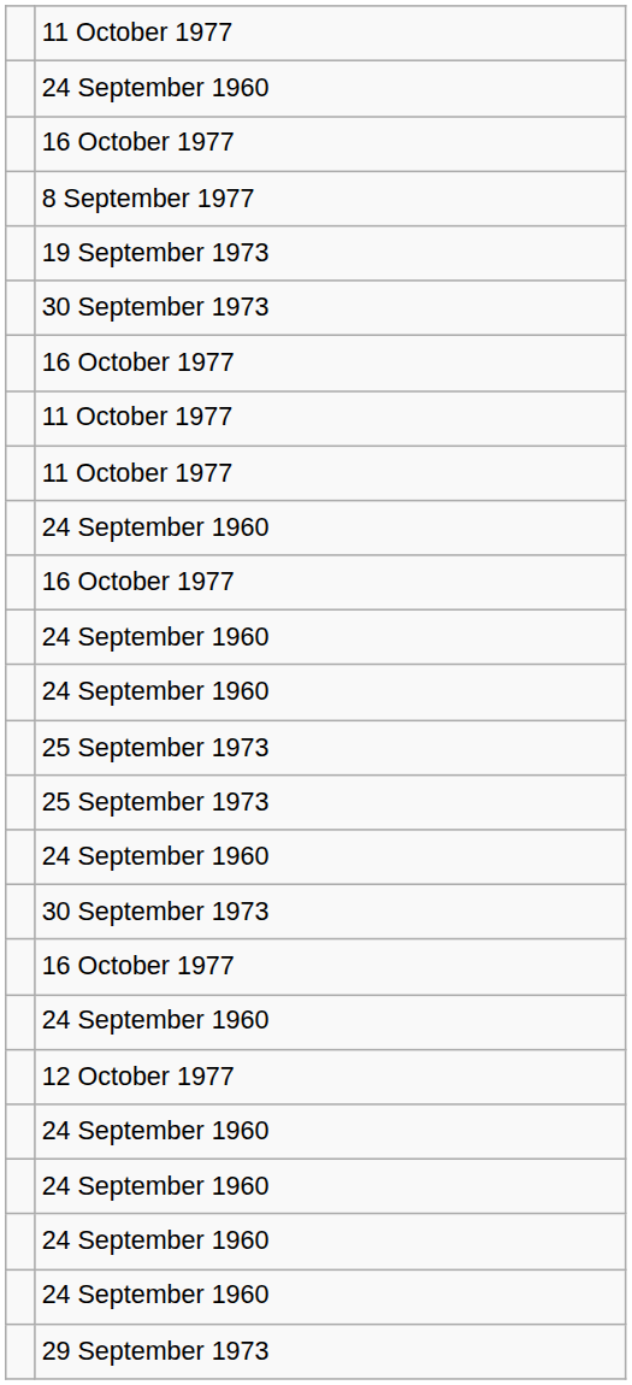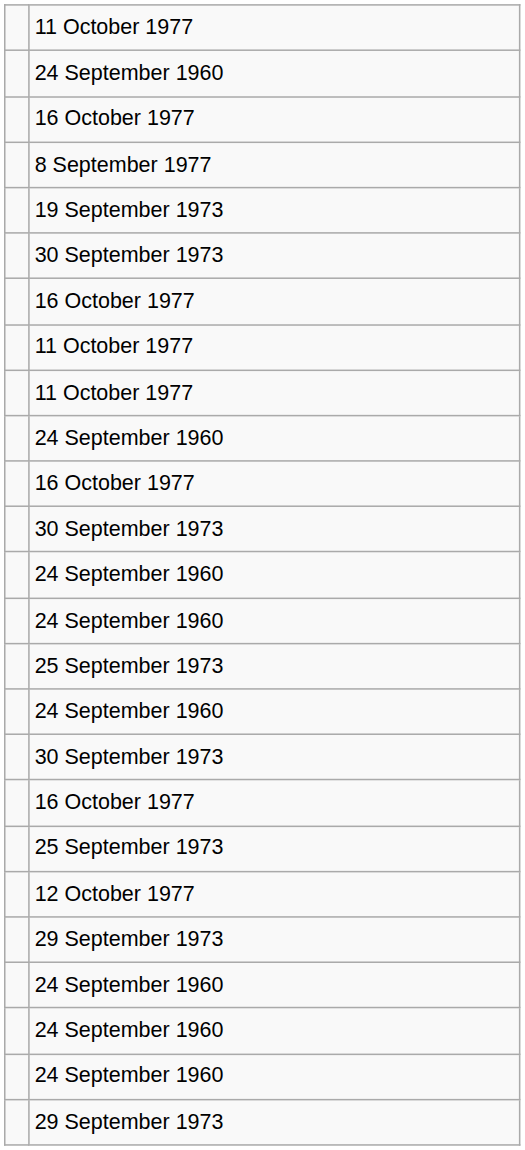 <table class="wikitable" style="font-size: 89%; float: left; width: 24em; margin-right: 1em; line-height: 1.65em">
 <tr>
 <td></td>
 <td>11 October 1977</td>
 </tr>
 <tr>
 <td></td>
 <td>24 September 1960</td>
 </tr>
 <tr>
 <td></td>
 <td>16 October 1977</td>
 </tr>
 <tr>
 <td></td>
 <td>8 September 1977</td>
 </tr>
 <tr>
 <td></td>
 <td>19 September 1973</td>
 </tr>
 <tr>
 <td></td>
 <td>30 September 1973</td>
 </tr>
 <tr>
 <td></td>
 <td>16 October 1977</td>
 </tr>
 <tr>
 <td></td>
 <td>11 October 1977</td>
 </tr>
 <tr>
 <td></td>
 <td>11 October 1977</td>
 </tr>
 <tr>
 <td></td>
 <td>24 September 1960</td>
 </tr>
 <tr>
 <td></td>
 <td>16 October 1977</td>
 </tr>
 <tr>
 <td></td>
-<td>24 September 1960</td>
+<td>30 September 1973</td>
 </tr>
 <tr>
 <td></td>
 <td>24 September 1960</td>
 </tr>
 <tr>
 <td></td>
-<td>25 September 1973</td>
+<td>24 September 1960</td>
 </tr>
 <tr>
 <td></td>
 <td>25 September 1973</td>
 </tr>
 <tr>
 <td></td>
 <td>24 September 1960</td>
 </tr>
 <tr>
 <td></td>
 <td>30 September 1973</td>
 </tr>
 <tr>
 <td></td>
 <td>16 October 1977</td>
 </tr>
 <tr>
 <td></td>
-<td>24 September 1960</td>
+<td>25 September 1973</td>
 </tr>
 <tr>
 <td></td>
 <td>12 October 1977</td>
 </tr>
 <tr>
 <td></td>
-<td>24 September 1960</td>
+<td>29 September 1973</td>
 </tr>
 <tr>
 <td></td>
 <td>24 September 1960</td>
 </tr>
 <tr>
 <td></td>
 <td>24 September 1960</td>
 </tr>
 <tr>
 <td></td>
 <td>24 September 1960</td>
 </tr>
 <tr>
 <td></td>
 <td>29 September 1973</td>
 </tr>
 </table>
